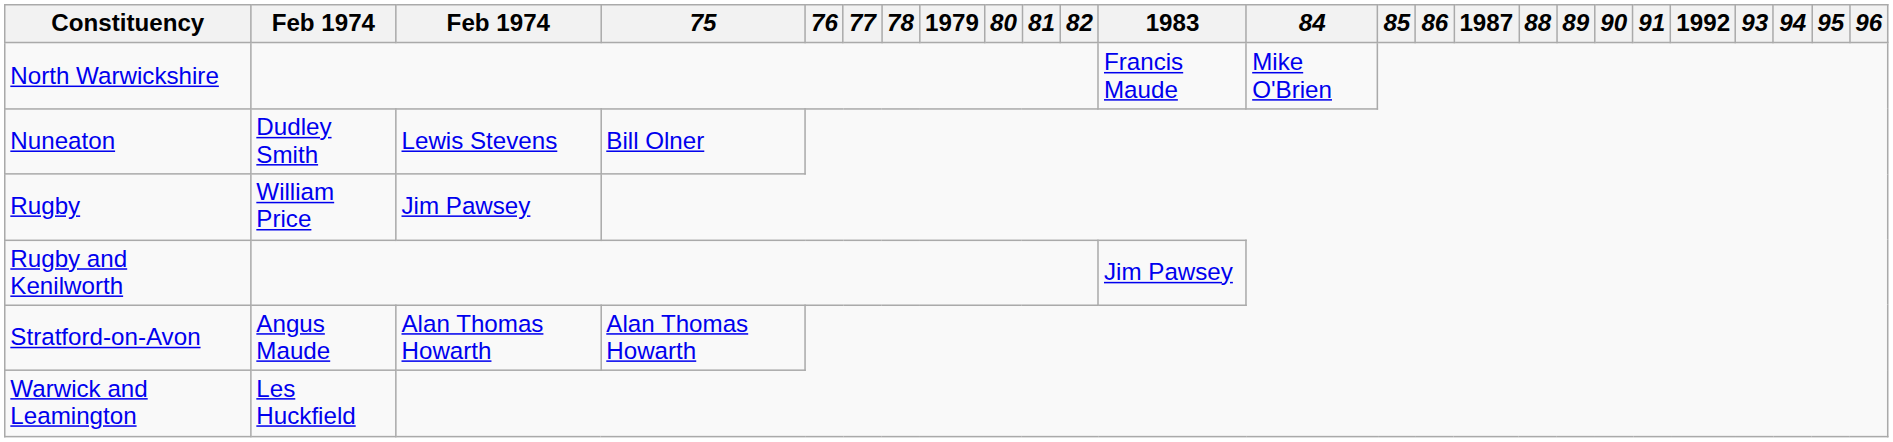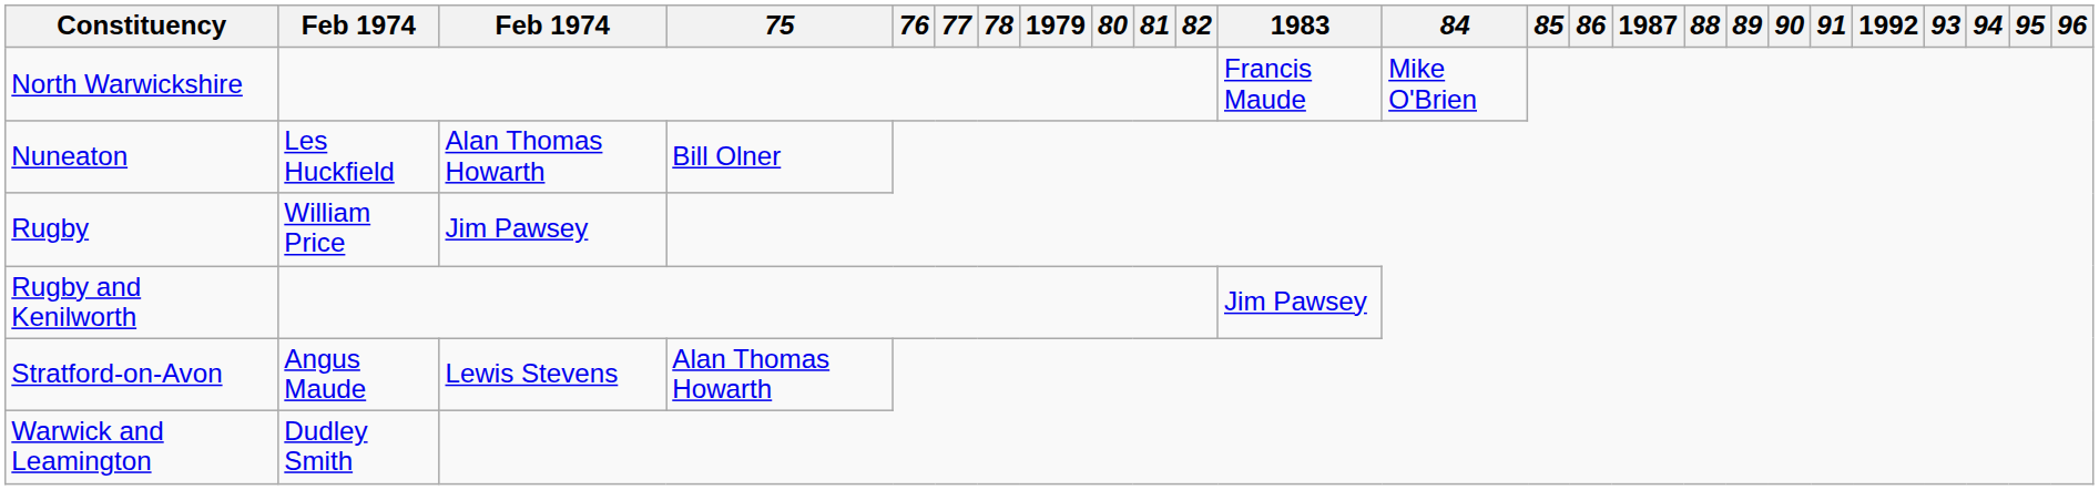 <table class="wikitable">
 <tr>
 <th>Constituency</th>
 <th>Feb 1974</th>
 <th>Feb 1974</th>
 <th><em>75</em></th>
 <th><em>76</em></th>
 <th><em>77</em></th>
 <th><em>78</em></th>
 <th>1979</th>
 <th><em>80</em></th>
 <th><em>81</em></th>
 <th><em>82</em></th>
 <th>1983</th>
 <th><em>84</em></th>
 <th><em>85</em></th>
 <th><em>86</em></th>
 <th>1987</th>
 <th><em>88</em></th>
 <th><em>89</em></th>
 <th><em>90</em></th>
 <th><em>91</em></th>
 <th>1992</th>
 <th><em>93</em></th>
 <th><em>94</em></th>
 <th><em>95</em></th>
 <th><em>96</em></th>
 </tr>
 <tr>
 <td><a href='#'>North Warwickshire</a></td>
 <td colspan="10"></td>
 <td><a href='#'>Francis Maude</a></td>
 <td><a href='#'>Mike O'Brien</a></td>
 </tr>
 <tr>
 <td><a href='#'>Nuneaton</a></td>
-<td><a href='#'>Dudley Smith</a></td>
-<td><a href='#'>Lewis Stevens</a></td>
+<td><a href='#'>Les Huckfield</a></td>
+<td><a href='#'>Alan Thomas Howarth</a></td>
 <td><a href='#'>Bill Olner</a></td>
 </tr>
 <tr>
 <td><a href='#'>Rugby</a></td>
 <td><a href='#'>William Price</a></td>
 <td><a href='#'>Jim Pawsey</a></td>
 </tr>
 <tr>
 <td><a href='#'>Rugby and Kenilworth</a></td>
 <td colspan="10"></td>
 <td><a href='#'>Jim Pawsey</a></td>
 </tr>
 <tr>
 <td><a href='#'>Stratford-on-Avon</a></td>
 <td><a href='#'>Angus Maude</a></td>
-<td><a href='#'>Alan Thomas Howarth</a></td>
+<td><a href='#'>Lewis Stevens</a></td>
 <td><a href='#'>Alan Thomas Howarth</a></td>
 </tr>
 <tr>
 <td><a href='#'>Warwick and Leamington</a></td>
-<td><a href='#'>Les Huckfield</a></td>
+<td><a href='#'>Dudley Smith</a></td>
 </tr>
 </table>
